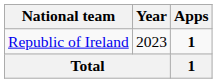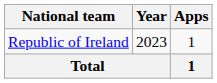 <table class="sortable wikitable" style="text-align:center">
 <tr>
 <th scope="col">National team</th>
 <th scope="col">Year</th>
 <th !scope="col">Apps</th>
 </tr>
 <tr>
 <td><a href='#'>Republic of Ireland</a></td>
 <td scope="row">2023</td>
-<td><strong>1</strong></td>
+<td>1</td>
 </tr>
 <tr>
 <th colspan="2">Total</th>
 <th>1</th>
 </tr>
 </table>
